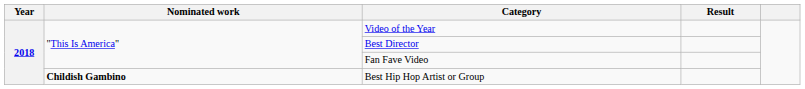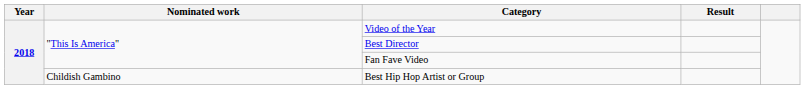 <table class="wikitable plainrowheaders" style="width:100%;">
 <tr>
 <th scope="col" style="width:5%;">Year</th>
 <th scope="col" style="width:40%;">Nominated work</th>
 <th scope="col" style="width:40%;">Category</th>
 <th scope="col" style="width:10%;">Result</th>
 <th scope="col" style="width:5%;"></th>
 </tr>
 <tr>
 <th scope="row" style="text-align:center;" rowspan="4"><a href='#'>2018</a></th>
 <td rowspan="3">"<a href='#'>This Is America</a>"</td>
 <td><a href='#'>Video of the Year</a></td>
 <td></td>
 <td style="text-align:center;" rowspan="4"></td>
 </tr>
 <tr>
 <td><a href='#'>Best Director</a></td>
 <td></td>
 </tr>
 <tr>
 <td>Fan Fave Video</td>
 <td></td>
 </tr>
 <tr>
-<td><strong>Childish Gambino</strong></td>
+<td>Childish Gambino</td>
 <td>Best Hip Hop Artist or Group</td>
 <td></td>
 </tr>
 </table>
